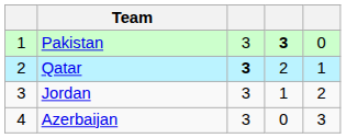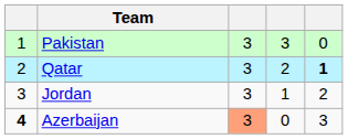 <table class="wikitable" style="text-align: center">
 <tr>
 <th style="width:25px"></th>
 <th style="width:180px">Team</th>
 <th style="width:30px"></th>
 <th style="width:30px"></th>
 <th style="width:30px"></th>
 </tr>
 <tr style="background:#ccffcc;">
 <td>1</td>
 <td style="text-align: left"> <a href='#'>Pakistan</a></td>
 <td>3</td>
-<td><strong>3</strong></td>
+<td>3</td>
 <td>0</td>
 </tr>
 <tr style="background:#bbf3ff;">
 <td>2</td>
 <td style="text-align: left"> <a href='#'>Qatar</a></td>
-<td><strong>3</strong></td>
+<td>3</td>
 <td>2</td>
-<td>1</td>
+<td><strong>1</strong></td>
 </tr>
 <tr>
 <td>3</td>
 <td style="text-align: left"> <a href='#'>Jordan</a></td>
 <td>3</td>
 <td>1</td>
 <td>2</td>
 </tr>
 <tr>
-<td>4</td>
+<td><strong>4</strong></td>
 <td style="text-align: left"> <a href='#'>Azerbaijan</a></td>
-<td>3</td>
+<td style="background: lightsalmon;">3</td>
 <td>0</td>
 <td>3</td>
 </tr>
 </table>
